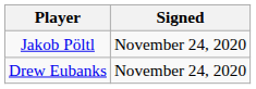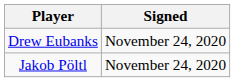 <table class="wikitable sortable sortable" style="text-align: center">
 <tr>
 <th>Player</th>
 <th>Signed</th>
 </tr>
 <tr style="text-align: center">
+<td><a href='#'>Drew Eubanks</a></td>
+<td>November 24, 2020</td>
+</tr>
+<tr style="text-align: center">
 <td><a href='#'>Jakob Pöltl</a></td>
 <td>November 24, 2020</td>
 </tr>
-<tr style="text-align: center">
-<td><a href='#'>Drew Eubanks</a></td>
-<td>November 24, 2020</td>
-</tr>
 </table>
